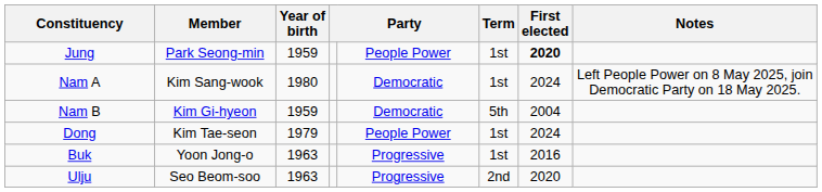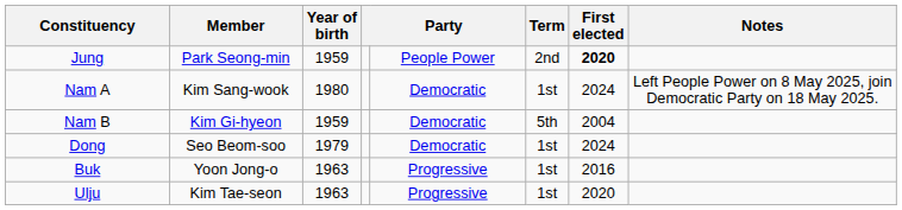 <table class="wikitable sortable" style="font-size:90%; text-align:center">
 <tr>
 <th scope="col" style="width:150px;">Constituency</th>
 <th scope="col" style="width:120px;">Member</th>
 <th scope="col" style="width:50px;">Year of birth</th>
 <th scope="col" style="width:150px;" colspan="2">Party</th>
 <th scope="col" style="width:20px;">Term</th>
 <th scope="col" style="width:50px;">First elected</th>
 <th scope="col" style="width:250px;" class="unsortable">Notes</th>
 </tr>
 <tr>
 <td><a href='#'>Jung</a></td>
 <td><a href='#'>Park Seong-min</a></td>
 <td>1959</td>
 <td scope="row" width="1" style="background-color:"></td>
 <td><a href='#'>People Power</a></td>
-<td>1st</td>
+<td>2nd</td>
 <td><strong>2020</strong></td>
 <td></td>
 </tr>
 <tr>
 <td><a href='#'>Nam</a> A</td>
 <td>Kim Sang-wook</td>
 <td>1980</td>
 <td scope="row" width="1" style="background-color:"></td>
 <td><a href='#'>Democratic</a></td>
 <td>1st</td>
 <td>2024</td>
 <td>Left People Power on 8 May 2025, join Democratic Party on 18 May 2025.</td>
 </tr>
 <tr>
 <td><a href='#'>Nam</a> B</td>
 <td><a href='#'>Kim Gi-hyeon</a></td>
 <td>1959</td>
 <td scope="row" style="background-color:"></td>
 <td><a href='#'>Democratic</a></td>
 <td>5th</td>
 <td>2004</td>
 <td></td>
 </tr>
 <tr>
 <td><a href='#'>Dong</a></td>
-<td>Kim Tae-seon</td>
+<td>Seo Beom-soo</td>
 <td>1979</td>
 <td scope="row" width="1" style="background-color:"></td>
-<td><a href='#'>People Power</a></td>
+<td><a href='#'>Democratic</a></td>
 <td>1st</td>
 <td>2024</td>
 <td></td>
 </tr>
 <tr>
 <td><a href='#'>Buk</a></td>
 <td>Yoon Jong-o</td>
 <td>1963</td>
 <td scope="row" style="background-color:"></td>
 <td><a href='#'>Progressive</a></td>
 <td>1st</td>
 <td>2016</td>
 <td></td>
 </tr>
 <tr>
 <td><a href='#'>Ulju</a></td>
-<td>Seo Beom-soo</td>
+<td>Kim Tae-seon</td>
 <td>1963</td>
 <td scope="row" style="background-color:"></td>
 <td><a href='#'>Progressive</a></td>
-<td>2nd</td>
+<td>1st</td>
 <td>2020</td>
 <td></td>
 </tr>
 </table>
